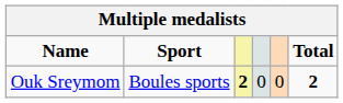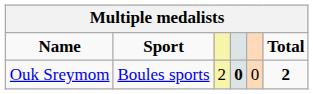 <table class=wikitable style=font-size:85%;float:right;text-align:center>
 <tr>
 <th colspan=7>Multiple medalists</th>
 </tr>
 <tr>
 <td><strong>Name</strong></td>
 <td><strong>Sport</strong></td>
 <td bgcolor=F7F6A8></td>
 <td bgcolor=DCE5E5></td>
 <td bgcolor=FFDAB9></td>
 <td><strong>Total</strong></td>
 </tr>
 <tr>
 <td><a href='#'>Ouk Sreymom</a></td>
 <td><a href='#'>Boules sports</a></td>
-<td bgcolor=F7F6A8><strong>2</strong></td>
-<td bgcolor=DCE5E5>0</td>
+<td bgcolor=F7F6A8>2</td>
+<td bgcolor=DCE5E5><strong>0</strong></td>
 <td bgcolor=FFDAB9>0</td>
 <td><strong>2</strong></td>
 </tr>
 </table>
